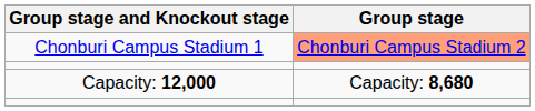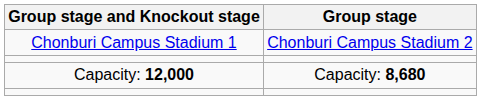 <table class="wikitable" style="text-align:center">
 <tr>
 <th>Group stage and Knockout stage</th>
 <th>Group stage</th>
 </tr>
 <tr>
 <td><a href='#'>Chonburi Campus Stadium 1</a></td>
-<td style="background: lightsalmon;"><a href='#'>Chonburi Campus Stadium 2</a></td>
+<td><a href='#'>Chonburi Campus Stadium 2</a></td>
 </tr>
 <tr>
 <td></td>
 <td></td>
 </tr>
 <tr>
 <td>Capacity: <strong>12,000</strong></td>
 <td>Capacity: <strong>8,680</strong></td>
 </tr>
 <tr>
 <td></td>
 <td></td>
 </tr>
 </table>
